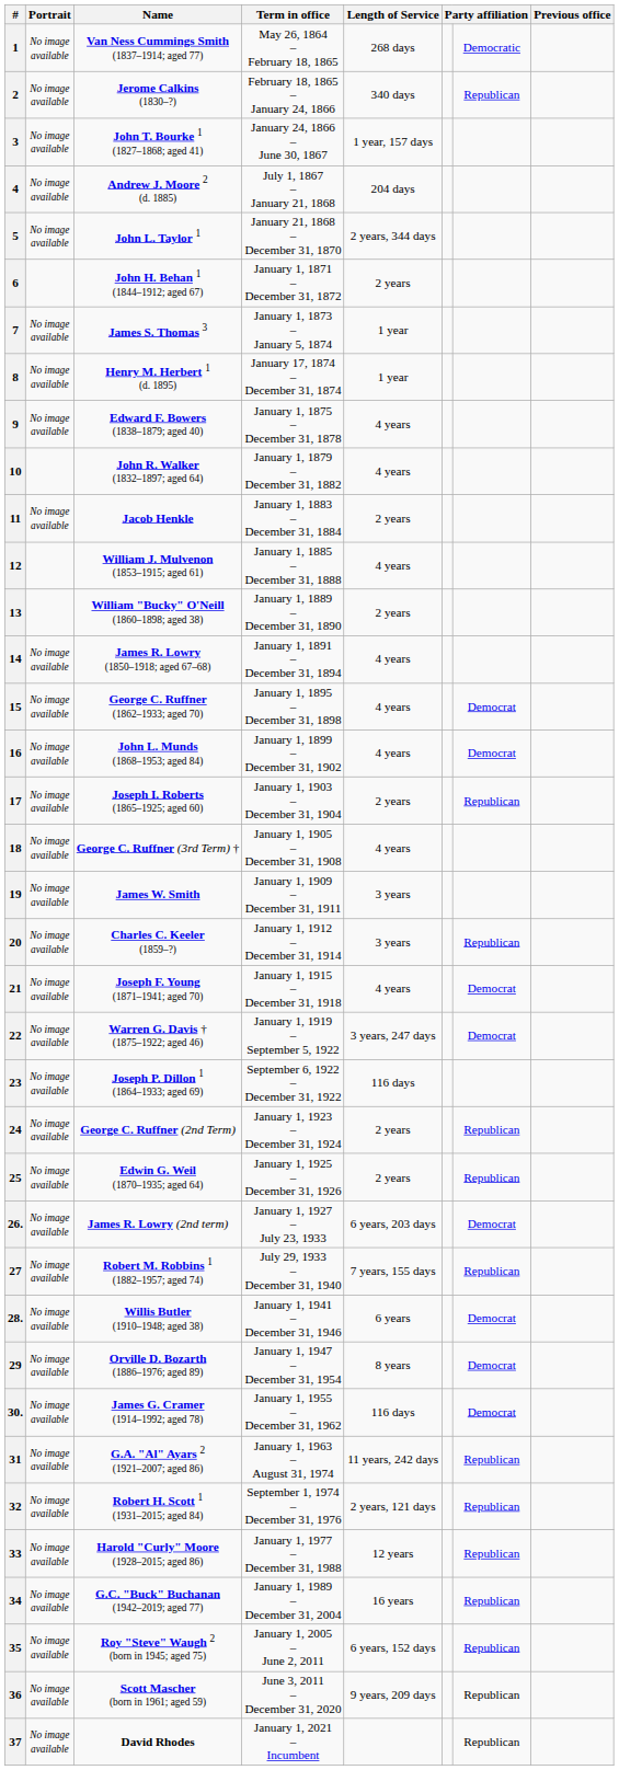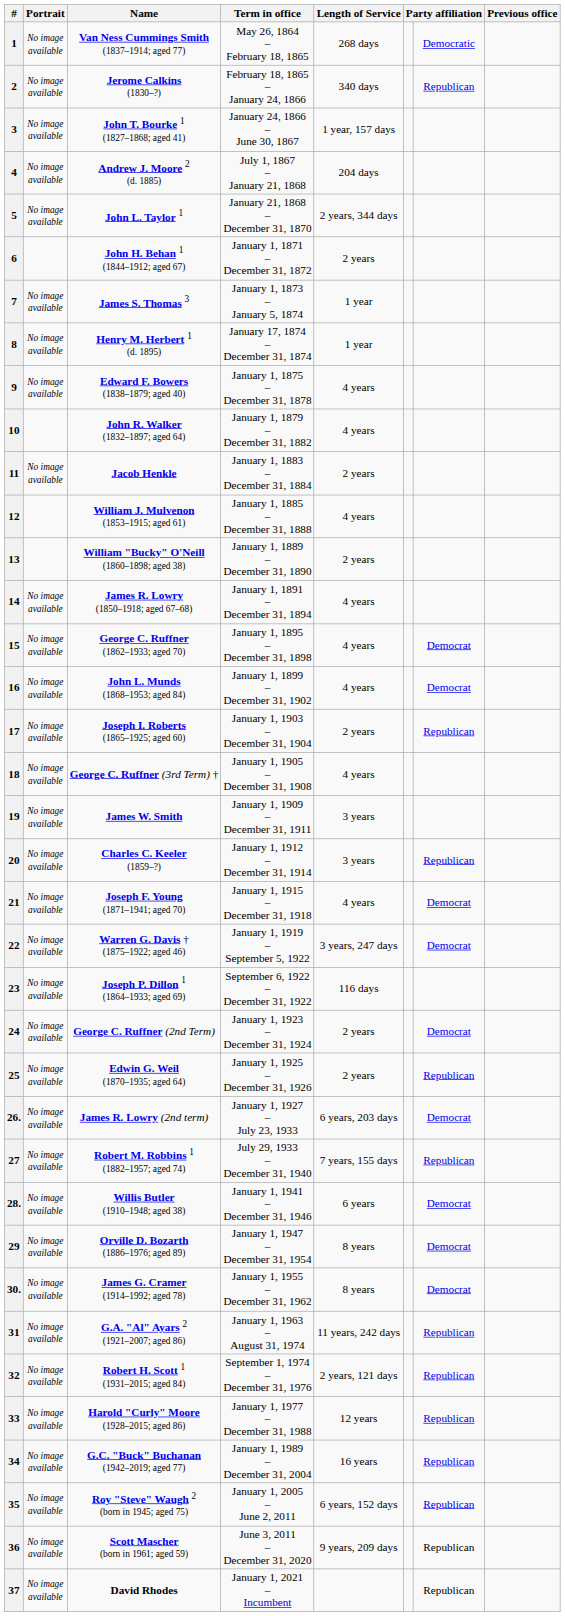 <table class="wikitable" style="text-align: center;">
 <tr>
 <th>#</th>
 <th>Portrait</th>
 <th>Name</th>
 <th>Term in office</th>
 <th>Length of Service</th>
 <th colspan="2">Party affiliation</th>
 <th>Previous office</th>
 </tr>
 <tr>
 <th>1</th>
 <td><small><em>No image <br>available</em></small></td>
 <td><strong><a href='#'>Van Ness Cummings Smith</a></strong><br><small>(1837–1914; aged 77)</small></td>
 <td><span>May 26, 1864</span><br>–<br><span>February 18, 1865</span></td>
 <td>268 days</td>
 <td style="background:"> </td>
 <td><a href='#'>Democratic</a></td>
 <td></td>
 </tr>
 <tr>
 <th>2</th>
 <td><small><em>No image <br>available</em></small></td>
 <td><strong><a href='#'>Jerome Calkins</a></strong><br><small>(1830–?)</small></td>
 <td><span>February 18, 1865</span><br>–<br><span>January 24, 1866</span></td>
 <td>340 days</td>
 <td style="background:"> </td>
 <td><a href='#'>Republican</a></td>
 <td></td>
 </tr>
 <tr>
 <th>3</th>
 <td><small><em>No image <br>available</em></small></td>
 <td><strong><a href='#'>John T. Bourke</a></strong> <sup>1</sup><br><small>(1827–1868; aged 41)</small></td>
 <td><span>January 24, 1866</span><br>–<br><span>June 30, 1867</span></td>
 <td>1 year, 157 days</td>
 <td></td>
 <td></td>
 <td></td>
 </tr>
 <tr>
 <th>4</th>
 <td><small><em>No image <br>available</em></small></td>
 <td><strong><a href='#'>Andrew J. Moore</a></strong> <sup>2</sup><br><small>(d. 1885)</small></td>
 <td><span>July 1, 1867</span><br>–<br><span>January 21, 1868</span></td>
 <td>204 days</td>
 <td></td>
 <td></td>
 <td></td>
 </tr>
 <tr>
 <th>5</th>
 <td><small><em>No image <br>available</em></small></td>
 <td><strong><a href='#'>John L. Taylor</a></strong> <sup>1</sup></td>
 <td><span>January 21, 1868</span><br>–<br><span>December 31, 1870</span></td>
 <td>2 years, 344 days</td>
 <td></td>
 <td></td>
 <td></td>
 </tr>
 <tr>
 <th>6</th>
 <td></td>
 <td><strong><a href='#'>John H. Behan</a></strong> <sup>1</sup><br><small>(1844–1912; aged 67)</small></td>
 <td><span>January 1, 1871</span><br>–<br><span>December 31, 1872</span></td>
 <td>2 years</td>
 <td></td>
 <td></td>
 <td></td>
 </tr>
 <tr>
 <th>7</th>
 <td><small><em>No image <br>available</em></small></td>
 <td><strong><a href='#'>James S. Thomas</a></strong> <sup>3</sup></td>
 <td><span>January 1, 1873</span><br>–<br><span>January 5, 1874</span></td>
 <td>1 year</td>
 <td></td>
 <td></td>
 <td></td>
 </tr>
 <tr>
 <th>8</th>
 <td><small><em>No image <br>available</em></small></td>
 <td><strong><a href='#'>Henry M. Herbert</a></strong> <sup>1</sup><br><small>(d. 1895)</small></td>
 <td><span>January 17, 1874</span><br>–<br><span>December 31, 1874</span></td>
 <td>1 year</td>
 <td></td>
 <td></td>
 <td></td>
 </tr>
 <tr>
 <th>9</th>
 <td><small><em>No image <br>available</em></small></td>
 <td><strong><a href='#'>Edward F. Bowers</a></strong><br><small>(1838–1879; aged 40)</small></td>
 <td><span>January 1, 1875</span><br>–<br><span>December 31, 1878</span></td>
 <td>4 years</td>
 <td></td>
 <td></td>
 <td></td>
 </tr>
 <tr>
 <th>10</th>
 <td></td>
 <td><strong><a href='#'>John R. Walker</a></strong><br><small>(1832–1897; aged 64)</small></td>
 <td><span>January 1, 1879</span><br>–<br><span>December 31, 1882</span></td>
 <td>4 years</td>
 <td></td>
 <td></td>
 <td></td>
 </tr>
 <tr>
 <th>11</th>
 <td><small><em>No image <br>available</em></small></td>
 <td><strong><a href='#'>Jacob Henkle</a></strong></td>
 <td><span>January 1, 1883</span><br>–<br><span>December 31, 1884</span></td>
 <td>2 years</td>
 <td></td>
 <td></td>
 <td></td>
 </tr>
 <tr>
 <th>12</th>
 <td></td>
 <td><strong><a href='#'>William J. Mulvenon</a></strong><br><small>(1853–1915; aged 61)</small></td>
 <td><span>January 1, 1885</span><br>–<br><span>December 31, 1888</span></td>
 <td>4 years</td>
 <td></td>
 <td></td>
 <td></td>
 </tr>
 <tr>
 <th>13</th>
 <td></td>
 <td><strong><a href='#'>William "Bucky" O'Neill</a></strong><br><small>(1860–1898; aged 38)</small></td>
 <td><span>January 1, 1889</span><br>–<br><span>December 31, 1890</span></td>
 <td>2 years</td>
 <td></td>
 <td></td>
 <td></td>
 </tr>
 <tr>
 <th>14</th>
 <td><small><em>No image <br>available</em></small></td>
 <td><strong><a href='#'>James R. Lowry</a></strong><br><small>(1850–1918; aged 67–68)</small></td>
 <td><span>January 1, 1891</span><br>–<br><span>December 31, 1894</span></td>
 <td>4 years</td>
 <td></td>
 <td></td>
 <td></td>
 </tr>
 <tr>
 <th>15</th>
 <td><small><em>No image <br>available</em></small></td>
 <td><strong><a href='#'>George C. Ruffner</a></strong><br><small>(1862–1933; aged 70)</small></td>
 <td><span>January 1, 1895</span><br>–<br><span>December 31, 1898</span></td>
 <td>4 years</td>
 <td style="background:"> </td>
 <td><a href='#'>Democrat</a></td>
 <td></td>
 </tr>
 <tr>
 <th>16</th>
 <td><small><em>No image <br>available</em></small></td>
 <td><strong><a href='#'>John L. Munds</a></strong><br><small>(1868–1953; aged 84)</small></td>
 <td><span>January 1, 1899</span><br>–<br><span>December 31, 1902</span></td>
 <td>4 years</td>
 <td style="background:"> </td>
 <td><a href='#'>Democrat</a></td>
 <td></td>
 </tr>
 <tr>
 <th>17</th>
 <td><small><em>No image <br>available</em></small></td>
 <td><strong><a href='#'>Joseph I. Roberts</a></strong><br><small>(1865–1925; aged 60)</small></td>
 <td><span>January 1, 1903</span><br>–<br><span>December 31, 1904</span></td>
 <td>2 years</td>
 <td style="background:"> </td>
 <td><a href='#'>Republican</a></td>
 <td></td>
 </tr>
 <tr>
 <th>18</th>
 <td><small><em>No image <br>available</em></small></td>
 <td><strong><a href='#'>George C. Ruffner</a></strong> <em>(3rd Term)</em> †</td>
 <td><span>January 1, 1905</span><br>–<br><span>December 31, 1908</span></td>
 <td>4 years</td>
 <td></td>
 <td></td>
 <td></td>
 </tr>
 <tr>
 <th>19</th>
 <td><small><em>No image <br>available</em></small></td>
 <td><strong><a href='#'>James W. Smith</a></strong></td>
 <td><span>January 1, 1909</span><br>–<br><span>December 31, 1911</span></td>
 <td>3 years</td>
 <td></td>
 <td></td>
 <td></td>
 </tr>
 <tr>
 <th>20</th>
 <td><small><em>No image <br>available</em></small></td>
 <td><strong><a href='#'>Charles C. Keeler</a></strong><br><small>(1859–?)</small></td>
 <td><span>January 1, 1912</span><br>–<br><span>December 31, 1914</span></td>
 <td>3 years</td>
 <td style="background:"> </td>
 <td><a href='#'>Republican</a></td>
 <td></td>
 </tr>
 <tr>
 <th>21</th>
 <td><small><em>No image <br>available</em></small></td>
 <td><strong><a href='#'>Joseph F. Young</a></strong><br><small>(1871–1941; aged 70)</small></td>
 <td><span>January 1, 1915</span><br>–<br><span>December 31, 1918</span></td>
 <td>4 years</td>
 <td style="background:"> </td>
 <td><a href='#'>Democrat</a></td>
 <td></td>
 </tr>
 <tr>
 <th>22</th>
 <td><small><em>No image <br>available</em></small></td>
 <td><strong><a href='#'>Warren G. Davis</a></strong> †<br><small>(1875–1922; aged 46)</small></td>
 <td><span>January 1, 1919</span><br>–<br><span>September 5, 1922</span></td>
 <td>3 years, 247 days</td>
 <td style="background:"> </td>
 <td><a href='#'>Democrat</a></td>
 <td></td>
 </tr>
 <tr>
 <th>23</th>
 <td><small><em>No image <br>available</em></small></td>
 <td><strong><a href='#'>Joseph P. Dillon</a></strong> <sup>1</sup><br><small>(1864–1933; aged 69)</small></td>
 <td><span>September 6, 1922</span><br>–<br><span>December 31, 1922</span></td>
 <td>116 days</td>
 <td></td>
 <td></td>
 <td></td>
 </tr>
 <tr>
 <th>24</th>
 <td><small><em>No image <br>available</em></small></td>
 <td><strong><a href='#'>George C. Ruffner</a></strong> <em>(2nd Term)</em></td>
 <td><span>January 1, 1923</span><br>–<br><span>December 31, 1924</span></td>
 <td>2 years</td>
 <td style="background:"> </td>
-<td><a href='#'>Republican</a></td>
+<td><a href='#'>Democrat</a></td>
 <td></td>
 </tr>
 <tr>
 <th>25</th>
 <td><small><em>No image <br>available</em></small></td>
 <td><strong><a href='#'>Edwin G. Weil</a></strong><br><small>(1870–1935; aged 64)</small></td>
 <td><span>January 1, 1925</span><br>–<br><span>December 31, 1926</span></td>
 <td>2 years</td>
 <td style="background:"> </td>
 <td><a href='#'>Republican</a></td>
 <td></td>
 </tr>
 <tr>
 <th>26.</th>
 <td><small><em>No image <br>available</em></small></td>
 <td><strong><a href='#'>James R. Lowry</a></strong> <em>(2nd term)</em></td>
 <td><span>January 1, 1927</span><br>–<br><span>July 23, 1933</span></td>
 <td>6 years, 203 days</td>
 <td style="background:"> </td>
 <td><a href='#'>Democrat</a></td>
 <td></td>
 </tr>
 <tr>
 <th>27</th>
 <td><small><em>No image <br>available</em></small></td>
 <td><strong><a href='#'>Robert M. Robbins</a></strong> <sup>1</sup><br><small>(1882–1957; aged 74)</small></td>
 <td><span>July 29, 1933</span><br>–<br><span>December 31, 1940</span></td>
 <td>7 years, 155 days</td>
 <td style="background:"> </td>
 <td><a href='#'>Republican</a></td>
 <td></td>
 </tr>
 <tr>
 <th>28.</th>
 <td><small><em>No image <br>available</em></small></td>
 <td><strong><a href='#'>Willis Butler</a></strong><br><small>(1910–1948; aged 38)</small></td>
 <td><span>January 1, 1941</span><br>–<br><span>December 31, 1946</span></td>
 <td>6 years</td>
 <td style="background:"> </td>
 <td><a href='#'>Democrat</a></td>
 <td></td>
 </tr>
 <tr>
 <th>29</th>
 <td><small><em>No image <br>available</em></small></td>
 <td><strong><a href='#'>Orville D. Bozarth</a></strong><br><small>(1886–1976; aged 89)</small></td>
 <td><span>January 1, 1947</span><br>–<br><span>December 31, 1954</span></td>
 <td>8 years</td>
 <td style="background:"> </td>
 <td><a href='#'>Democrat</a></td>
 <td></td>
 </tr>
 <tr>
 <th>30.</th>
 <td><small><em>No image <br>available</em></small></td>
 <td><strong><a href='#'>James G. Cramer</a></strong><br><small>(1914–1992; aged 78)</small></td>
 <td><span>January 1, 1955</span><br>–<br><span>December 31, 1962</span></td>
-<td>116 days</td>
+<td>8 years</td>
 <td style="background:"> </td>
 <td><a href='#'>Democrat</a></td>
 <td></td>
 </tr>
 <tr>
 <th>31</th>
 <td><small><em>No image <br>available</em></small></td>
 <td><strong><a href='#'>G.A. "Al" Ayars</a></strong> <sup>2</sup><br><small>(1921–2007; aged 86)</small></td>
 <td><span>January 1, 1963</span><br>–<br><span>August 31, 1974</span></td>
 <td>11 years, 242 days</td>
 <td style="background:"> </td>
 <td><a href='#'>Republican</a></td>
 <td></td>
 </tr>
 <tr>
 <th>32</th>
 <td><small><em>No image <br>available</em></small></td>
 <td><strong><a href='#'>Robert H. Scott</a></strong> <sup>1</sup><br><small>(1931–2015; aged 84)</small></td>
 <td><span>September 1, 1974</span><br>–<br><span>December 31, 1976</span></td>
 <td>2 years, 121 days</td>
 <td style="background:"> </td>
 <td><a href='#'>Republican</a></td>
 <td></td>
 </tr>
 <tr>
 <th>33</th>
 <td><small><em>No image <br>available</em></small></td>
 <td><strong><a href='#'>Harold "Curly" Moore</a></strong><br><small>(1928–2015; aged 86)</small></td>
 <td><span>January 1, 1977</span><br>–<br><span>December 31, 1988</span></td>
 <td>12 years</td>
 <td style="background:"> </td>
 <td><a href='#'>Republican</a></td>
 <td></td>
 </tr>
 <tr>
 <th>34</th>
 <td><small><em>No image <br>available</em></small></td>
 <td><strong><a href='#'>G.C. "Buck" Buchanan</a></strong><br><small>(1942–2019; aged 77)</small></td>
 <td><span>January 1, 1989</span><br>–<br><span>December 31, 2004</span></td>
 <td>16 years</td>
 <td style="background:"> </td>
 <td><a href='#'>Republican</a></td>
 <td></td>
 </tr>
 <tr>
 <th>35</th>
 <td><small><em>No image <br>available</em></small></td>
 <td><strong><a href='#'>Roy "Steve" Waugh</a></strong> <sup>2</sup><br><small>(born in 1945; aged 75)</small></td>
 <td><span>January 1, 2005</span><br>–<br><span>June 2, 2011</span></td>
 <td>6 years, 152 days</td>
 <td style="background:"> </td>
 <td><a href='#'>Republican</a></td>
 <td></td>
 </tr>
 <tr>
 <th>36</th>
 <td><small><em>No image <br>available</em></small></td>
 <td><strong><a href='#'>Scott Mascher</a></strong><br><small>(born in 1961; aged 59)</small></td>
 <td><span>June 3, 2011</span><br>–<br><span>December 31, 2020</span></td>
 <td>9 years, 209 days</td>
 <td style="background:"> </td>
 <td>Republican</td>
 <td></td>
 </tr>
 <tr>
 <th>37</th>
 <td><small><em>No image <br>available</em></small></td>
 <td><strong>David Rhodes</strong><br><small></small></td>
 <td><span>January 1, 2021 </span><br>–<br><span><a href='#'>Incumbent</a></span></td>
 <td></td>
 <td style="background:"> </td>
 <td>Republican</td>
 </tr>
 </table>
